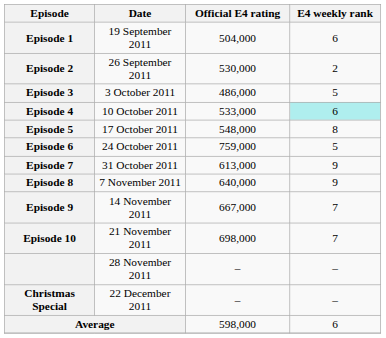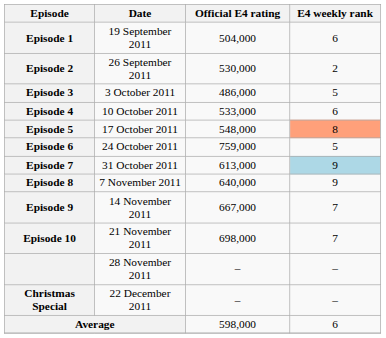 <table class="wikitable sortable" style="text-align:center">
 <tr>
 <th scope="col" style="width:120px;">Episode</th>
 <th scope="col" style="width:120px;">Date</th>
 <th scope="col" style="width:140px;">Official E4 rating</th>
 <th scope="col" style="width:120px;">E4 weekly rank</th>
 </tr>
 <tr>
 <th scope="row">Episode 1</th>
 <td>19 September 2011</td>
 <td>504,000</td>
 <td>6</td>
 </tr>
 <tr>
 <th scope="row">Episode 2</th>
 <td>26 September 2011</td>
 <td>530,000</td>
 <td>2</td>
 </tr>
 <tr>
 <th scope="row">Episode 3</th>
 <td>3 October 2011</td>
 <td>486,000</td>
 <td>5</td>
 </tr>
 <tr>
 <th scope="row">Episode 4</th>
 <td>10 October 2011</td>
 <td>533,000</td>
-<td style="background: paleturquoise;">6</td>
+<td>6</td>
 </tr>
 <tr>
 <th scope="row">Episode 5</th>
 <td>17 October 2011</td>
 <td>548,000</td>
-<td>8</td>
+<td style="background: lightsalmon;">8</td>
 </tr>
 <tr>
 <th scope="row">Episode 6</th>
 <td>24 October 2011</td>
 <td>759,000</td>
 <td>5</td>
 </tr>
 <tr>
 <th scope="row">Episode 7</th>
 <td>31 October 2011</td>
 <td>613,000</td>
-<td>9</td>
+<td style="background: lightblue;">9</td>
 </tr>
 <tr>
 <th scope="row">Episode 8</th>
 <td>7 November 2011</td>
 <td>640,000</td>
 <td>9</td>
 </tr>
 <tr>
 <th scope="row">Episode 9</th>
 <td>14 November 2011</td>
 <td>667,000</td>
 <td>7</td>
 </tr>
 <tr>
 <th scope="row">Episode 10</th>
 <td>21 November 2011</td>
 <td>698,000</td>
 <td>7</td>
 </tr>
 <tr>
 <th scope="row"></th>
 <td>28 November 2011</td>
 <td>–</td>
 <td>–</td>
 </tr>
 <tr>
 <th scope="row">Christmas Special</th>
 <td>22 December 2011</td>
 <td>–</td>
 <td>–</td>
 </tr>
 <tr>
 <th scope="row" colspan="2">Average</th>
 <td>598,000</td>
 <td>6</td>
 </tr>
 <tr>
 </tr>
 </table>
